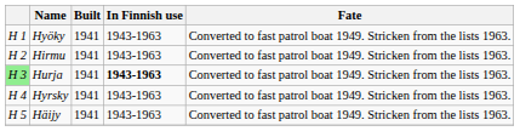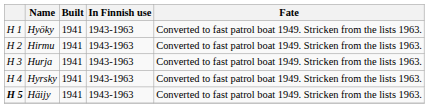 <table class="wikitable">
 <tr>
 <th></th>
 <th>Name</th>
 <th>Built</th>
 <th>In Finnish use</th>
 <th>Fate</th>
 </tr>
 <tr>
 <td><em>H 1</em></td>
 <td><em>Hyöky</em></td>
 <td>1941</td>
 <td>1943-1963</td>
 <td>Converted to fast patrol boat 1949. Stricken from the lists 1963.</td>
 </tr>
 <tr>
 <td><em>H 2</em></td>
 <td><em>Hirmu</em></td>
 <td>1941</td>
 <td>1943-1963</td>
 <td>Converted to fast patrol boat 1949. Stricken from the lists 1963.</td>
 </tr>
 <tr>
-<td style="background: lightgreen;"><em>H 3</em></td>
+<td><em>H 3</em></td>
 <td><em>Hurja</em></td>
 <td>1941</td>
-<td><strong>1943-1963</strong></td>
+<td>1943-1963</td>
 <td>Converted to fast patrol boat 1949. Stricken from the lists 1963.</td>
 </tr>
 <tr>
 <td><em>H 4</em></td>
 <td><em>Hyrsky</em></td>
 <td>1941</td>
 <td>1943-1963</td>
 <td>Converted to fast patrol boat 1949. Stricken from the lists 1963.</td>
 </tr>
 <tr>
-<td><em>H 5</em></td>
+<td><strong><em>H 5</em></strong></td>
 <td><em>Häijy</em></td>
 <td>1941</td>
 <td>1943-1963</td>
 <td>Converted to fast patrol boat 1949. Stricken from the lists 1963.</td>
 </tr>
 <tr>
 </tr>
 </table>
